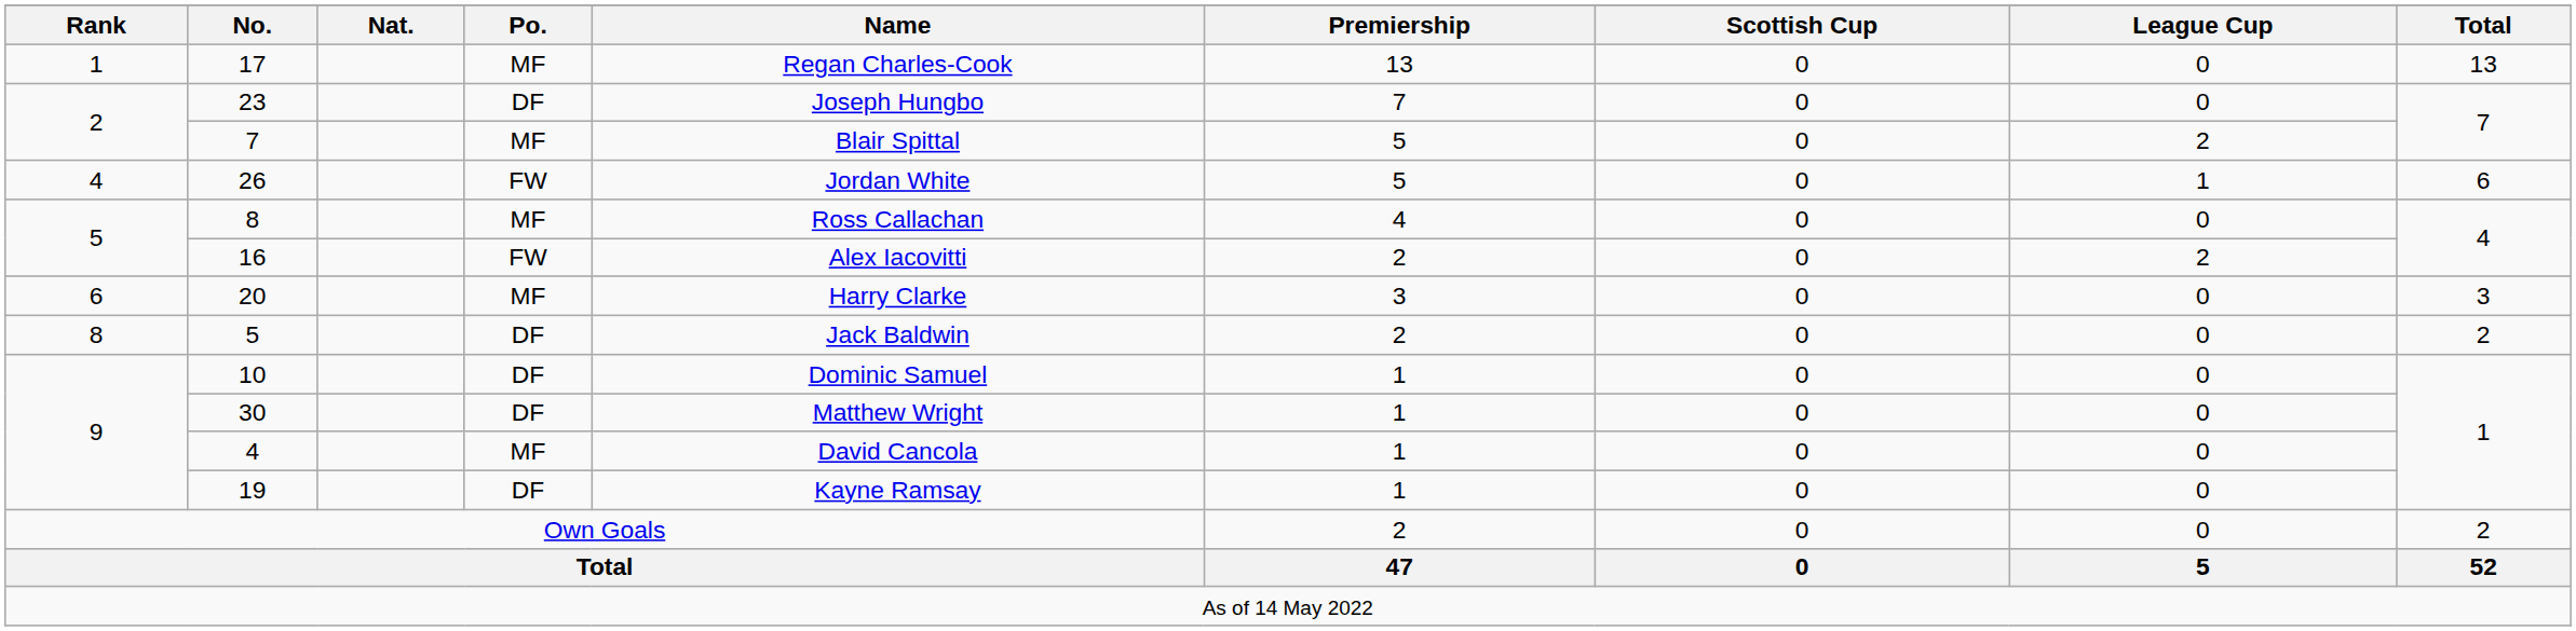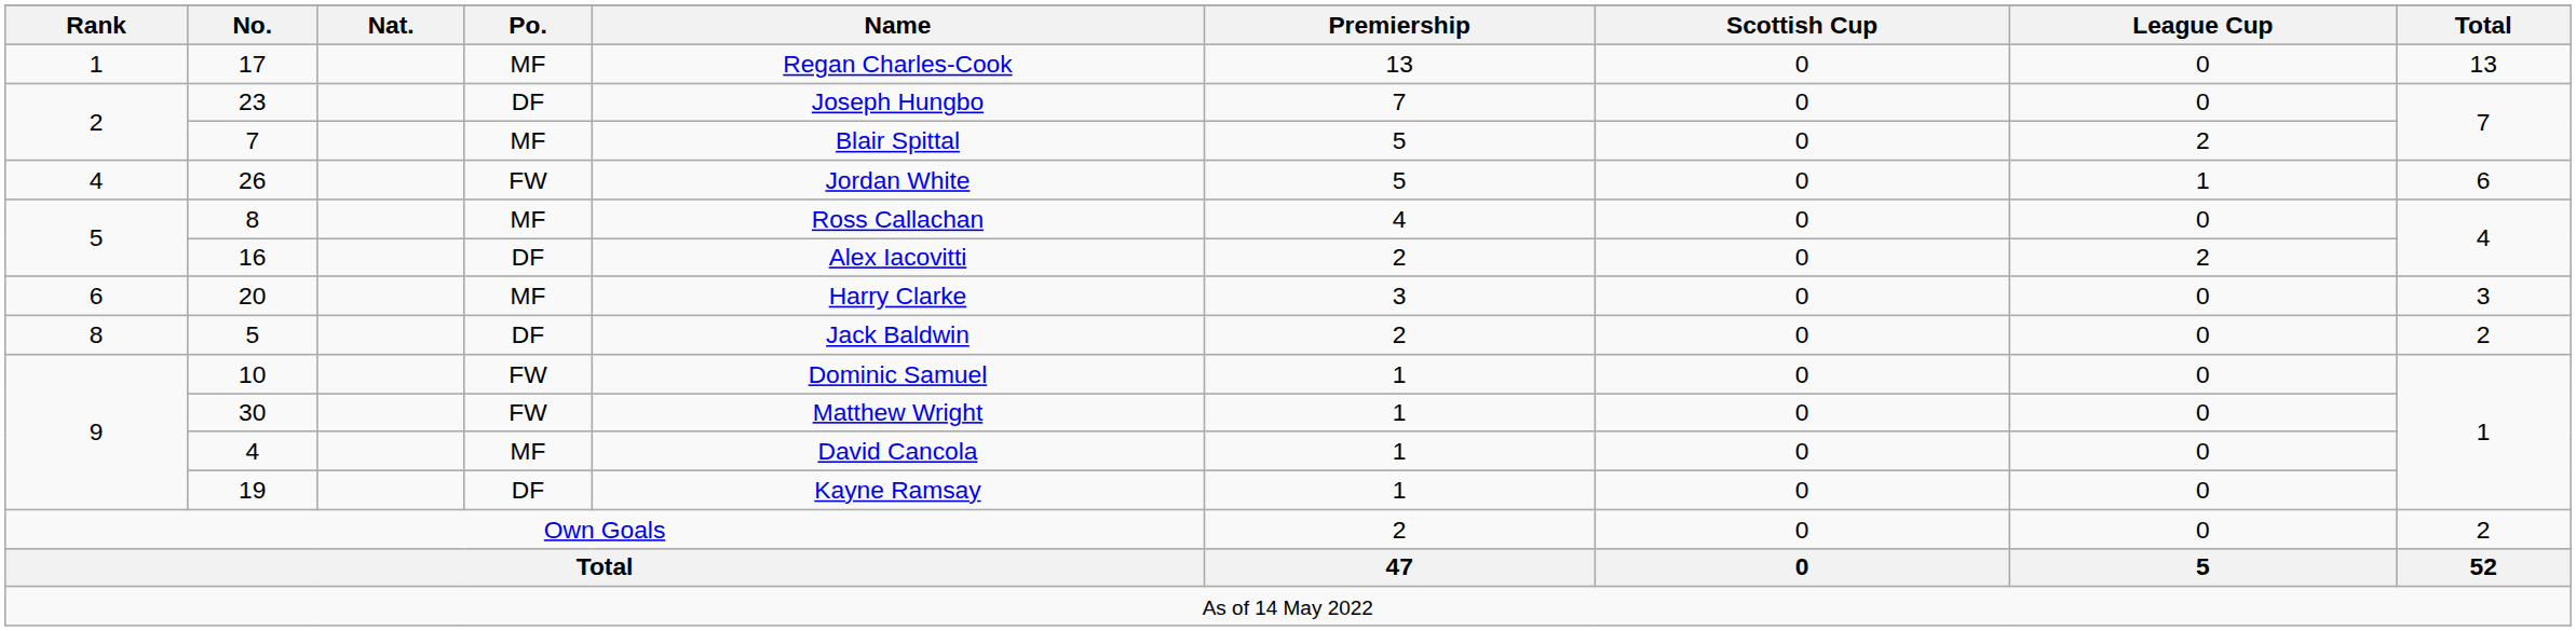 <table class="wikitable"  style="text-align:center; font-size:90%; width:95%;">
 <tr>
 </tr>
 <tr>
 <th>Rank</th>
 <th>No.</th>
 <th>Nat.</th>
 <th>Po.</th>
 <th>Name</th>
 <th>Premiership</th>
 <th>Scottish Cup</th>
 <th>League Cup</th>
 <th>Total</th>
 </tr>
 <tr>
 <td>1</td>
 <td>17</td>
 <td></td>
 <td>MF</td>
 <td><a href='#'>Regan Charles-Cook</a></td>
 <td>13</td>
 <td>0</td>
 <td>0</td>
 <td>13</td>
 </tr>
 <tr>
 <td rowspan=2>2</td>
 <td>23</td>
 <td></td>
 <td>DF</td>
 <td><a href='#'>Joseph Hungbo</a></td>
 <td>7</td>
 <td>0</td>
 <td>0</td>
 <td rowspan=2>7</td>
 </tr>
 <tr>
 <td>7</td>
 <td></td>
 <td>MF</td>
 <td><a href='#'>Blair Spittal</a></td>
 <td>5</td>
 <td>0</td>
 <td>2</td>
 </tr>
 <tr>
 <td>4</td>
 <td>26</td>
 <td></td>
 <td>FW</td>
 <td><a href='#'>Jordan White</a></td>
 <td>5</td>
 <td>0</td>
 <td>1</td>
 <td>6</td>
 </tr>
 <tr>
 <td rowspan=2>5</td>
 <td>8</td>
 <td></td>
 <td>MF</td>
 <td><a href='#'>Ross Callachan</a></td>
 <td>4</td>
 <td>0</td>
 <td>0</td>
 <td rowspan=2>4</td>
 </tr>
 <tr>
 <td>16</td>
 <td></td>
-<td>FW</td>
+<td>DF</td>
 <td><a href='#'>Alex Iacovitti</a></td>
 <td>2</td>
 <td>0</td>
 <td>2</td>
 </tr>
 <tr>
 <td>6</td>
 <td>20</td>
 <td></td>
 <td>MF</td>
 <td><a href='#'>Harry Clarke</a></td>
 <td>3</td>
 <td>0</td>
 <td>0</td>
 <td>3</td>
 </tr>
 <tr>
 <td>8</td>
 <td>5</td>
 <td></td>
 <td>DF</td>
 <td><a href='#'> Jack Baldwin</a></td>
 <td>2</td>
 <td>0</td>
 <td>0</td>
 <td>2</td>
 </tr>
 <tr>
 <td rowspan=4>9</td>
 <td>10</td>
 <td></td>
-<td>DF</td>
+<td>FW</td>
 <td><a href='#'>Dominic Samuel</a></td>
 <td>1</td>
 <td>0</td>
 <td>0</td>
 <td rowspan=4>1</td>
 </tr>
 <tr>
 <td>30</td>
 <td></td>
-<td>DF</td>
+<td>FW</td>
 <td><a href='#'>Matthew Wright</a></td>
 <td>1</td>
 <td>0</td>
 <td>0</td>
 </tr>
 <tr>
 <td>4</td>
 <td></td>
 <td>MF</td>
 <td><a href='#'>David Cancola</a></td>
 <td>1</td>
 <td>0</td>
 <td>0</td>
 </tr>
 <tr>
 <td>19</td>
 <td></td>
 <td>DF</td>
 <td><a href='#'>Kayne Ramsay</a></td>
 <td>1</td>
 <td>0</td>
 <td>0</td>
 </tr>
 <tr>
 <td colspan="5"><a href='#'>Own Goals</a></td>
 <td>2</td>
 <td>0</td>
 <td>0</td>
 <td>2</td>
 </tr>
 <tr>
 <th colspan="5" style="text-align:center;"><strong>Total</strong></th>
 <th><strong>47</strong></th>
 <th><strong>0</strong></th>
 <th><strong>5</strong></th>
 <th><strong>52</strong></th>
 </tr>
 <tr>
 <td colspan="9"><small>As of 14 May 2022</small></td>
 </tr>
 </table>
